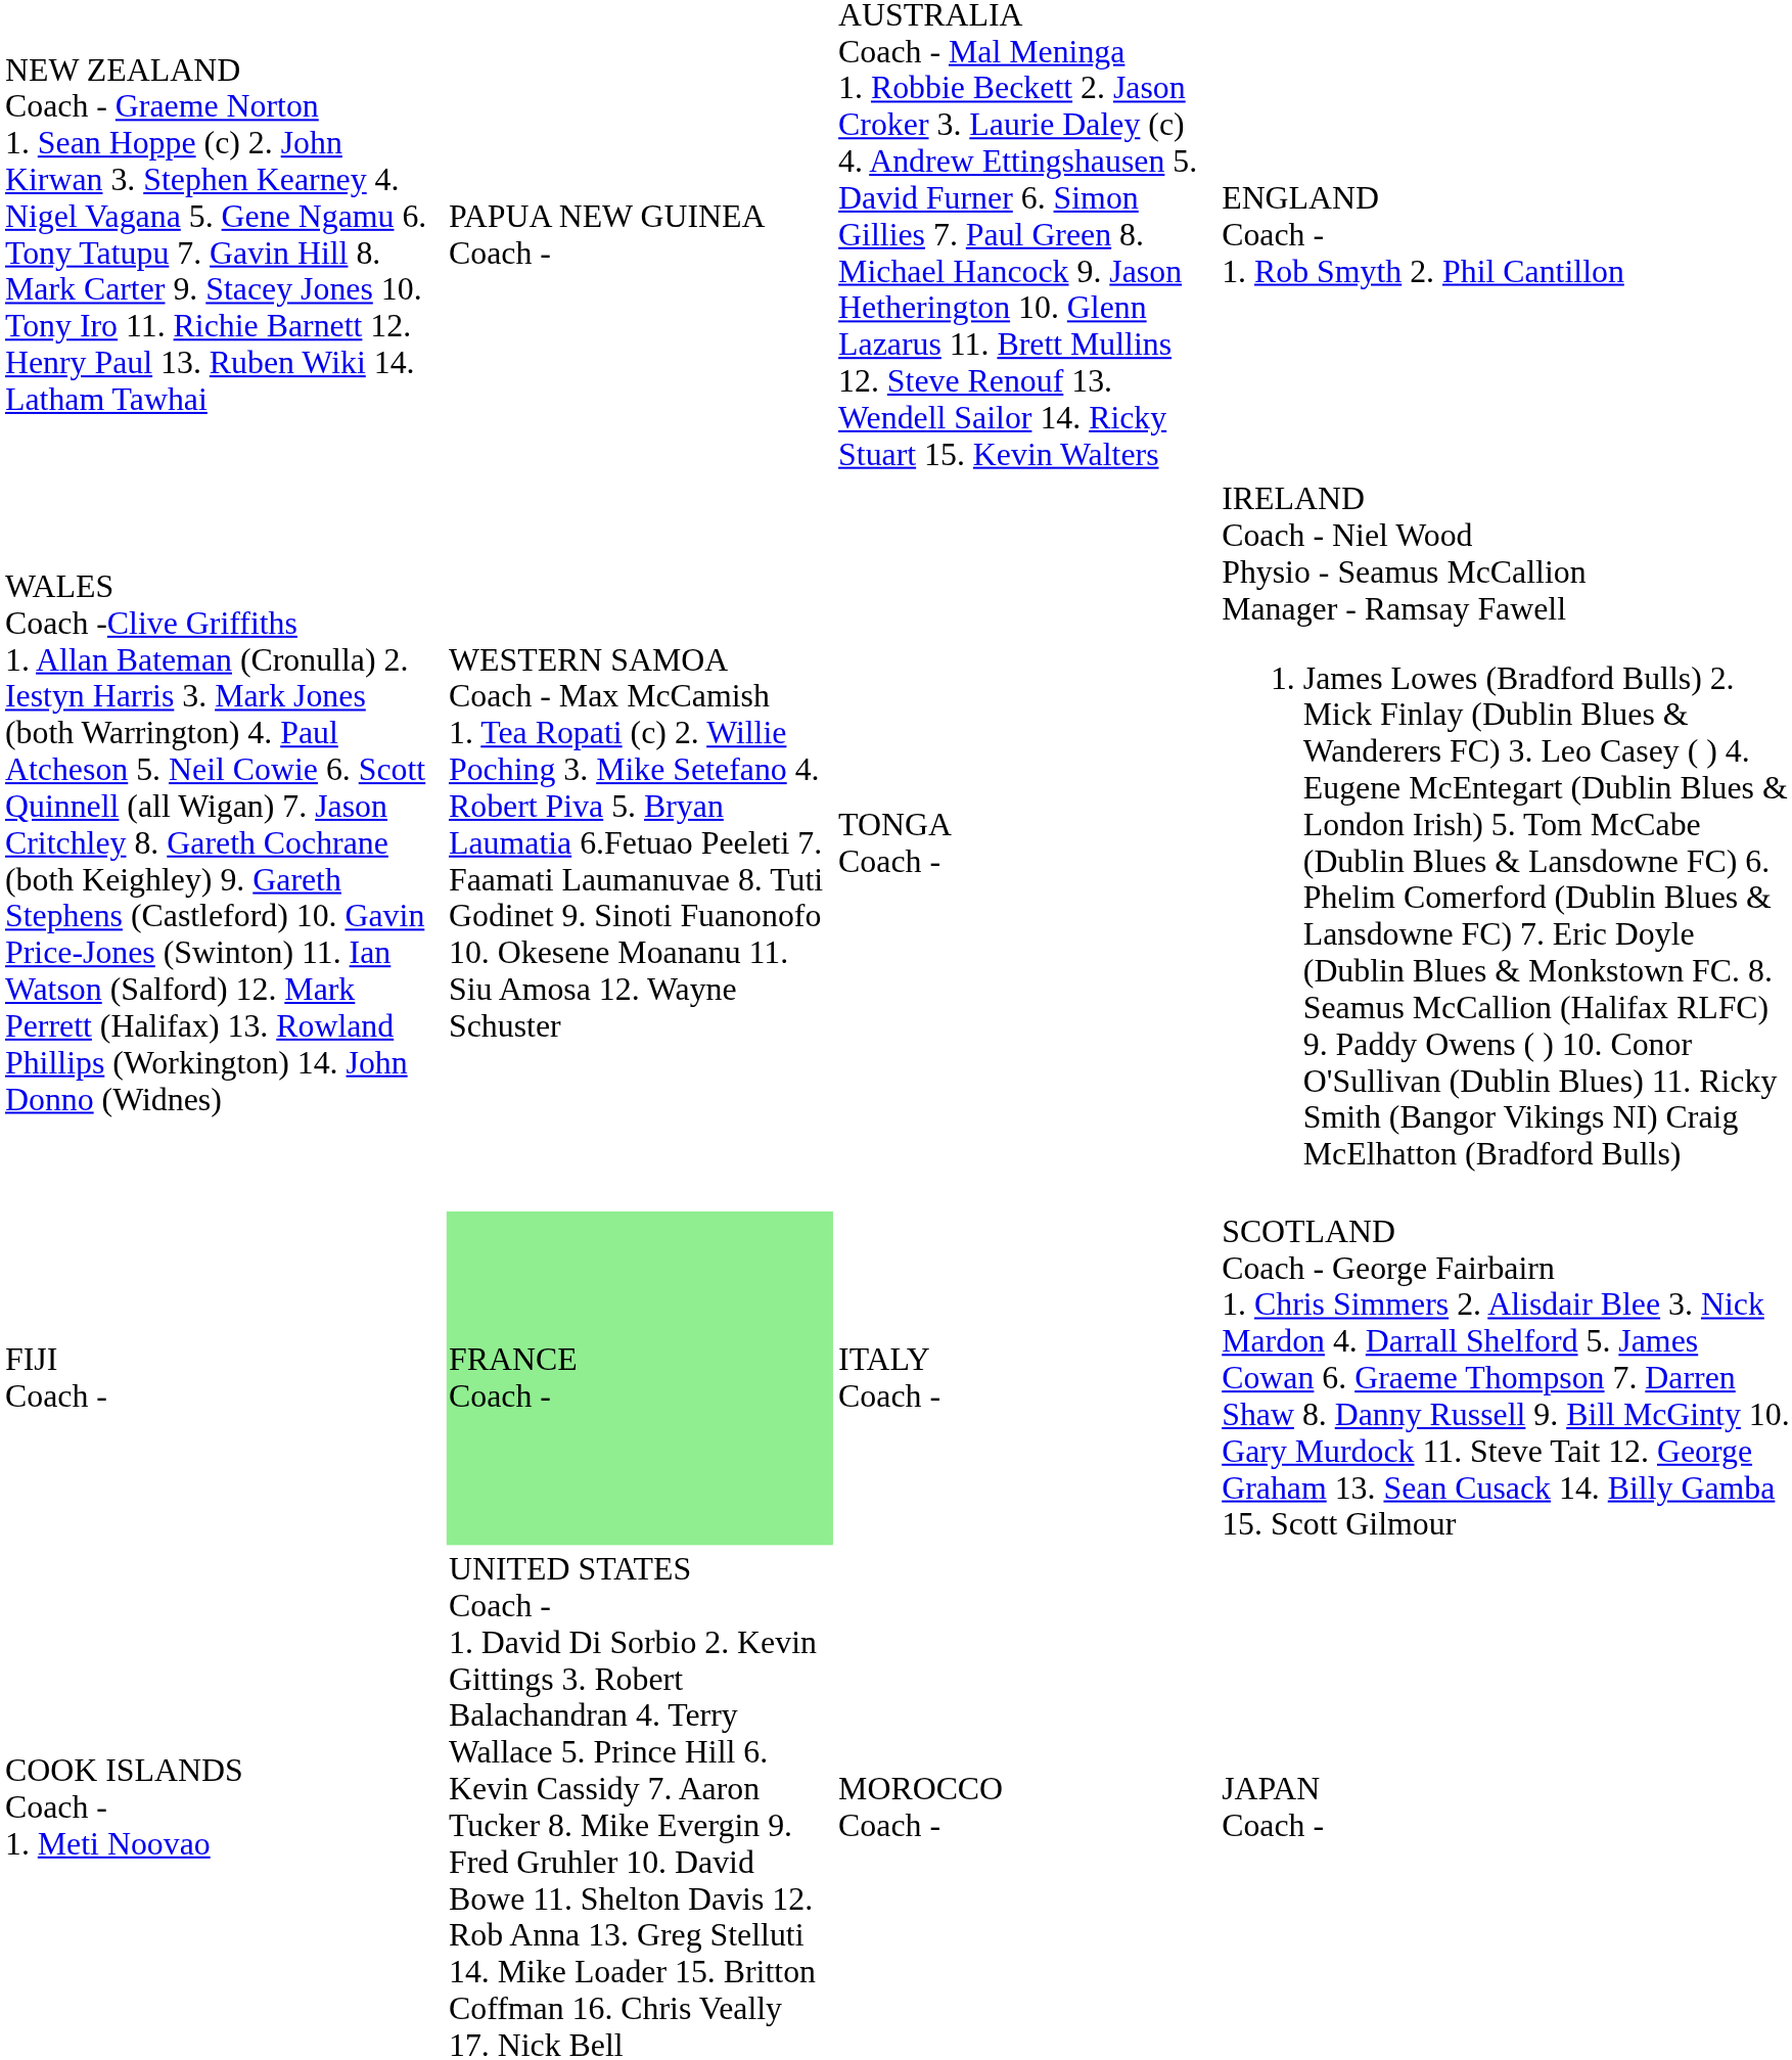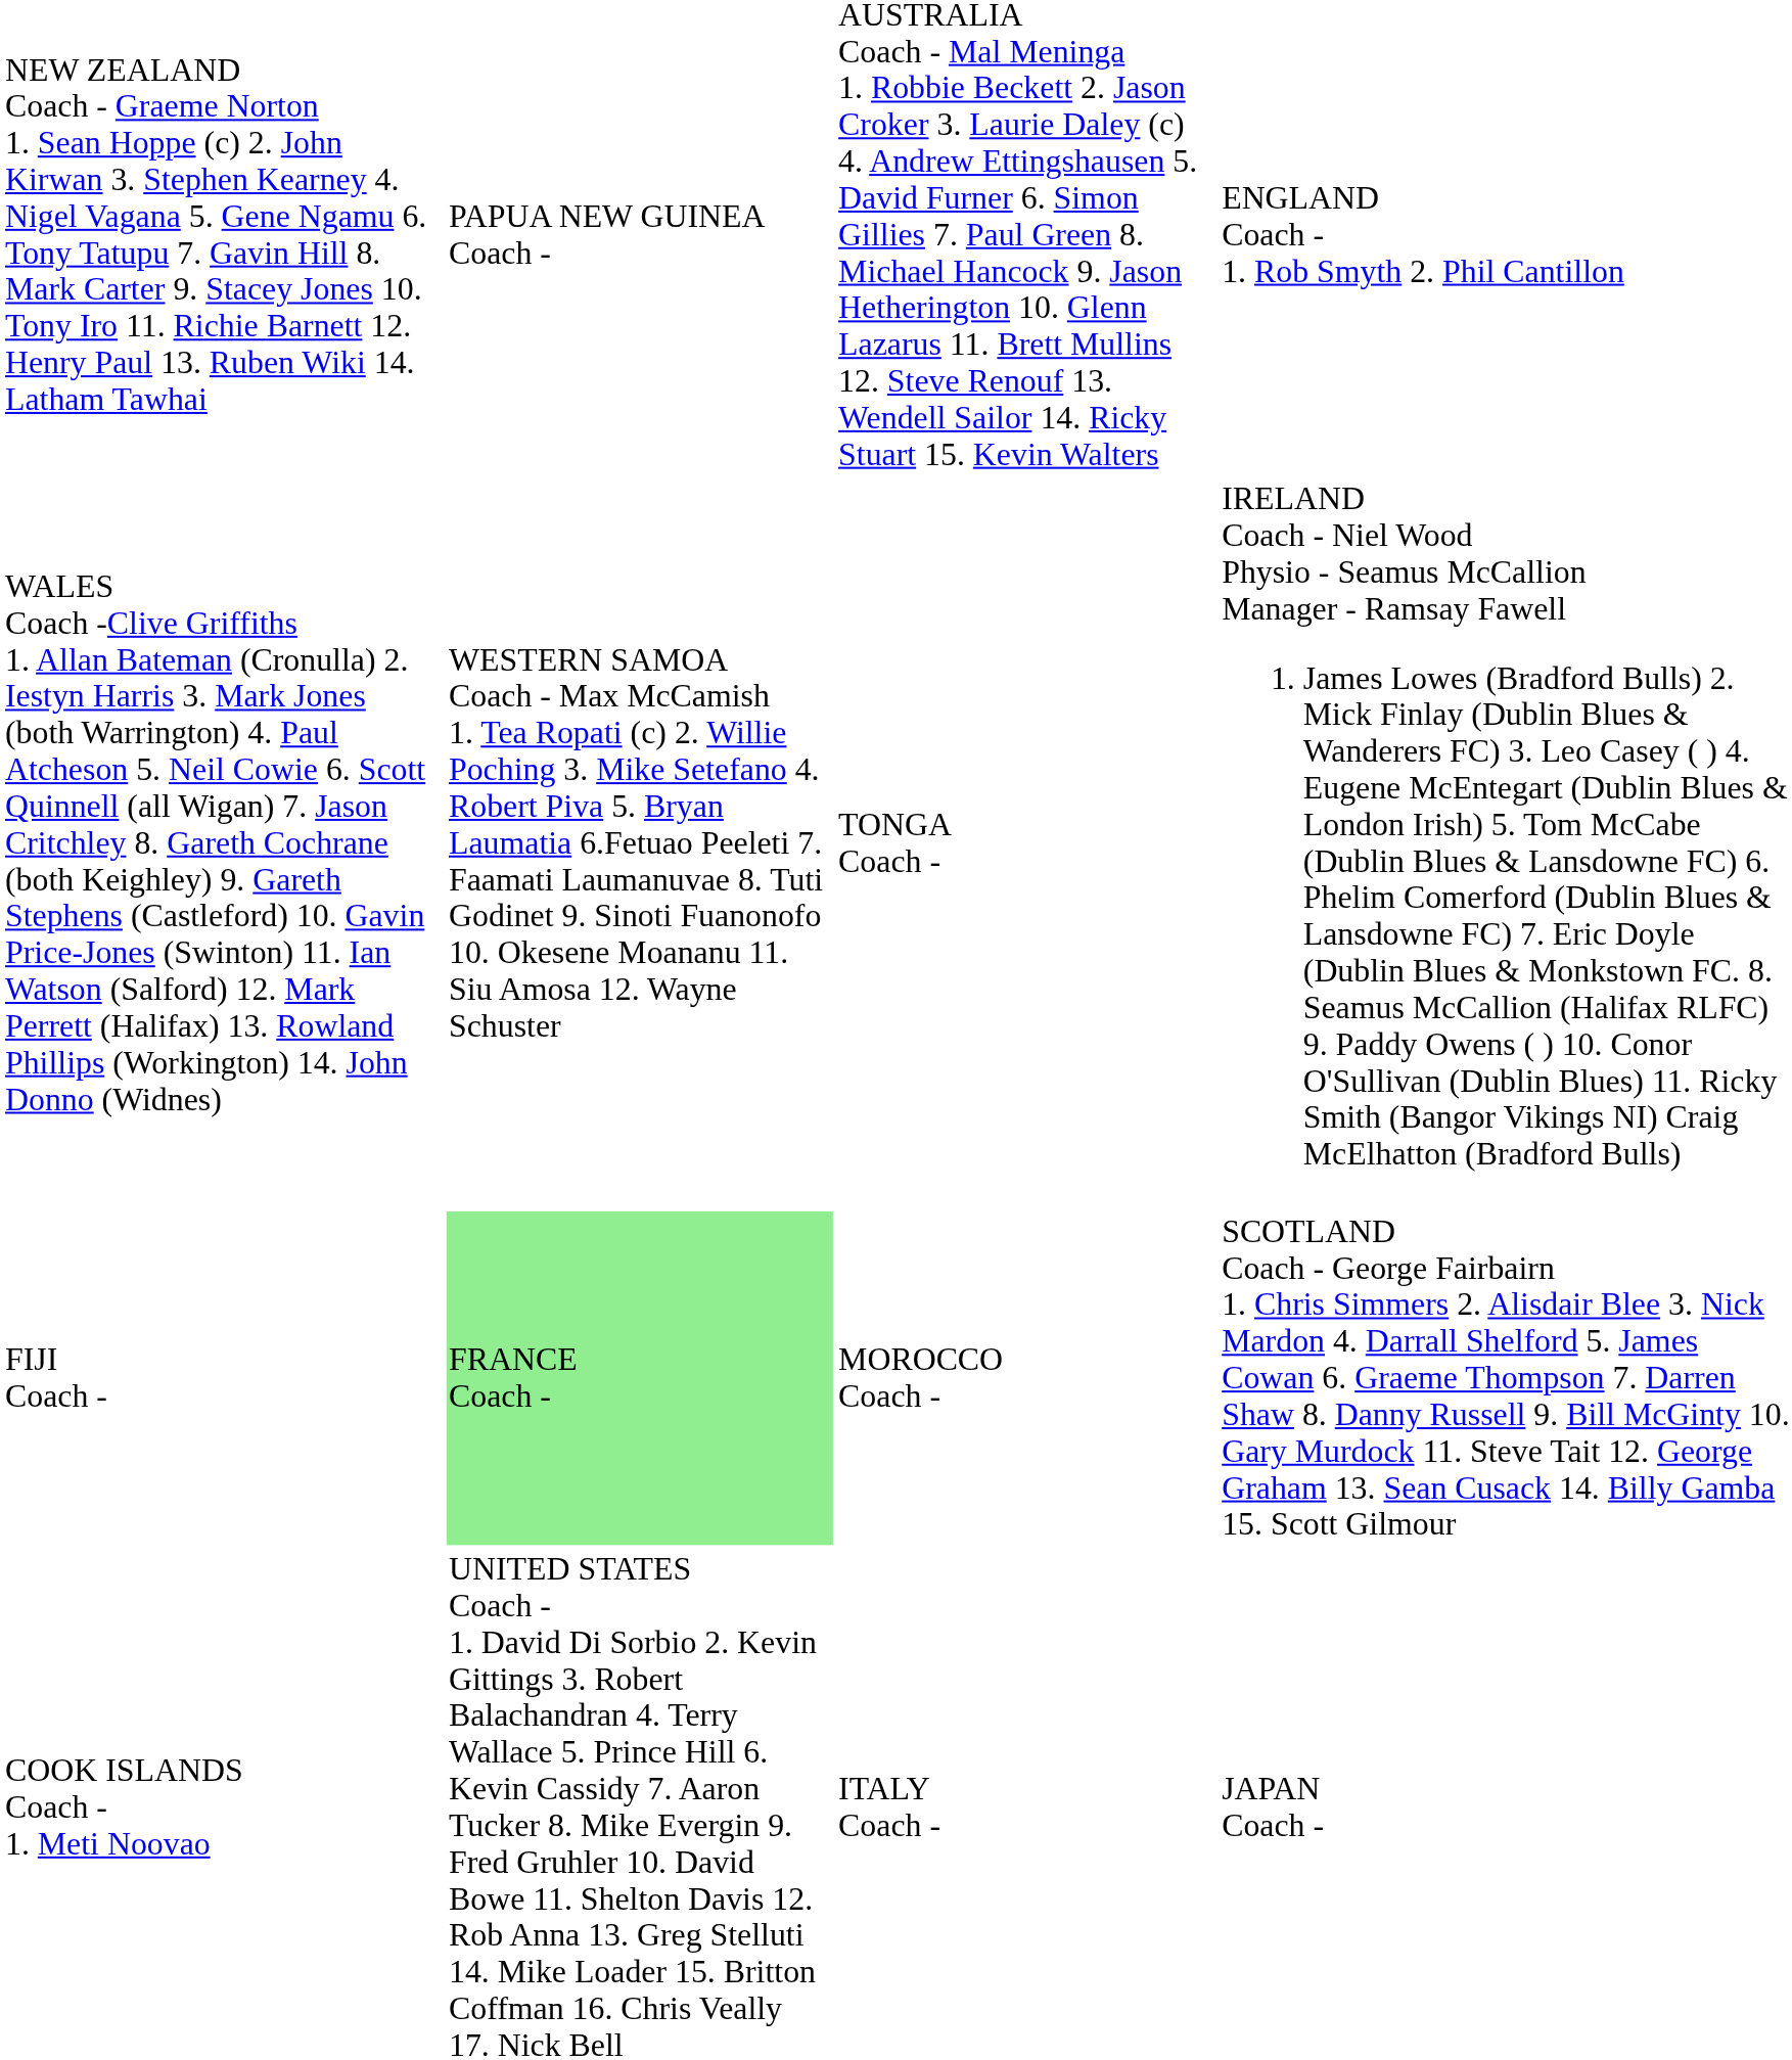 <table class="wikitable1">
 <tr>
 <td>NEW ZEALAND<br>Coach - <a href='#'>Graeme Norton</a><br>1. <a href='#'>Sean Hoppe</a> (c)  2. <a href='#'>John Kirwan</a>  3. <a href='#'>Stephen Kearney</a>  4. <a href='#'>Nigel Vagana</a>  5. <a href='#'>Gene Ngamu</a>  6. <a href='#'>Tony Tatupu</a>  7. <a href='#'>Gavin Hill</a>  8. <a href='#'>Mark Carter</a>  9. <a href='#'>Stacey Jones</a>  10. <a href='#'>Tony Iro</a>  11. <a href='#'>Richie Barnett</a>  12. <a href='#'>Henry Paul</a>  13. <a href='#'>Ruben Wiki</a>  14. <a href='#'>Latham Tawhai</a></td>
 <td>PAPUA NEW GUINEA<br>Coach -</td>
 <td>AUSTRALIA<br>Coach - <a href='#'>Mal Meninga</a><br>1. <a href='#'>Robbie Beckett</a> 2. <a href='#'>Jason Croker</a> 3. <a href='#'>Laurie Daley</a> (c)  4. <a href='#'>Andrew Ettingshausen</a> 5. <a href='#'>David Furner</a> 6. <a href='#'>Simon Gillies</a> 7. <a href='#'>Paul Green</a> 8. <a href='#'>Michael Hancock</a> 9. <a href='#'>Jason Hetherington</a> 10. <a href='#'>Glenn Lazarus</a> 11. <a href='#'>Brett Mullins</a> 12. <a href='#'>Steve Renouf</a> 13. <a href='#'>Wendell Sailor</a> 14. <a href='#'>Ricky Stuart</a> 15. <a href='#'>Kevin Walters</a></td>
 <td>ENGLAND<br>Coach -<br>1. <a href='#'>Rob Smyth</a> 2. <a href='#'>Phil Cantillon</a></td>
 </tr>
 <tr>
 <td>WALES<br>Coach -<a href='#'>Clive Griffiths</a><br>1. <a href='#'>Allan Bateman</a> (Cronulla) 2. <a href='#'>Iestyn Harris</a> 3. <a href='#'>Mark Jones</a> (both Warrington) 4. <a href='#'>Paul Atcheson</a> 5. <a href='#'>Neil Cowie</a> 6. <a href='#'>Scott Quinnell</a> (all Wigan) 7. <a href='#'>Jason Critchley</a> 8. <a href='#'>Gareth Cochrane</a> (both Keighley) 9. <a href='#'>Gareth Stephens</a> (Castleford) 10. <a href='#'>Gavin Price-Jones</a> (Swinton) 11. <a href='#'>Ian Watson</a> (Salford) 12. <a href='#'>Mark Perrett</a> (Halifax) 13. <a href='#'>Rowland Phillips</a> (Workington) 14. <a href='#'>John Donno</a> (Widnes)</td>
 <td>WESTERN SAMOA<br>Coach - Max McCamish<br>1. <a href='#'>Tea Ropati</a> (c) 2. <a href='#'>Willie Poching</a> 3. <a href='#'>Mike Setefano</a> 4. <a href='#'>Robert Piva</a> 5. <a href='#'>Bryan Laumatia</a> 6.Fetuao Peeleti 7. Faamati Laumanuvae 8. Tuti Godinet 9. Sinoti Fuanonofo 10. Okesene Moananu 11. Siu Amosa 12. Wayne Schuster</td>
 <td>TONGA<br>Coach -</td>
 <td>IRELAND<br>Coach - Niel Wood<br>Physio - Seamus McCallion<br>Manager - Ramsay Fawell<ol><li>James Lowes (Bradford Bulls) 2. Mick Finlay (Dublin Blues & Wanderers FC) 3. Leo Casey ( ) 4. Eugene McEntegart (Dublin Blues & London Irish)                    5. Tom McCabe (Dublin Blues & Lansdowne FC) 6. Phelim Comerford (Dublin Blues & Lansdowne FC) 7. Eric Doyle (Dublin Blues & Monkstown FC. 8. Seamus McCallion (Halifax RLFC) 9. Paddy Owens ( ) 10. Conor O'Sullivan (Dublin Blues) 11. Ricky Smith (Bangor Vikings NI)  Craig McElhatton (Bradford Bulls)</li></ol></td>
 </tr>
 <tr>
 <td>FIJI<br>Coach -</td>
 <td style="background: lightgreen;">FRANCE<br>Coach -</td>
-<td>ITALY<br>Coach -</td>
+<td>MOROCCO<br>Coach -</td>
 <td>SCOTLAND<br>Coach - George Fairbairn<br>1. <a href='#'>Chris Simmers</a> 2. <a href='#'>Alisdair Blee</a> 3. <a href='#'>Nick Mardon</a> 4. <a href='#'>Darrall Shelford</a> 5. <a href='#'>James Cowan</a> 6. <a href='#'>Graeme Thompson</a> 7. <a href='#'>Darren Shaw</a> 8. <a href='#'>Danny Russell</a> 9. <a href='#'>Bill McGinty</a> 10. <a href='#'>Gary Murdock</a> 11. Steve Tait 12. <a href='#'>George Graham</a> 13. <a href='#'>Sean Cusack</a> 14. <a href='#'>Billy Gamba</a> 15. Scott Gilmour</td>
 </tr>
 <tr>
 <td>COOK ISLANDS<br>Coach -<br>1. <a href='#'>Meti Noovao</a></td>
 <td>UNITED STATES<br>Coach - <br>1. David Di Sorbio 2. Kevin Gittings 3. Robert Balachandran 4. Terry Wallace 5. Prince Hill 6. Kevin Cassidy 7. Aaron Tucker 8. Mike Evergin 9. Fred Gruhler 10. David Bowe 11. Shelton Davis 12. Rob Anna 13. Greg Stelluti 14. Mike Loader 15. Britton Coffman 16. Chris Veally 17. Nick Bell</td>
-<td>MOROCCO<br>Coach -</td>
+<td>ITALY<br>Coach -</td>
 <td>JAPAN<br>Coach -</td>
 </tr>
 </table>
